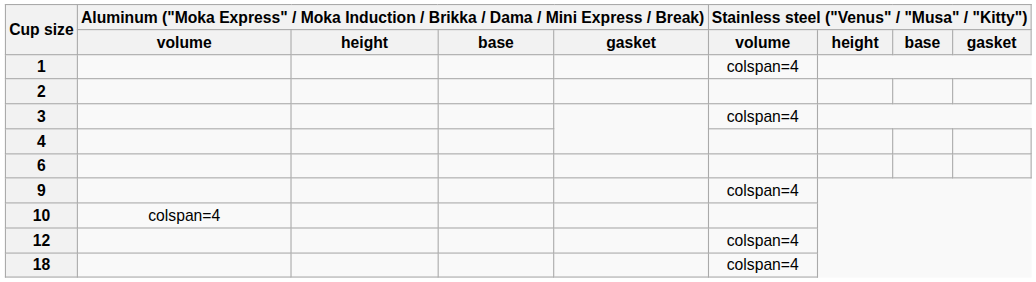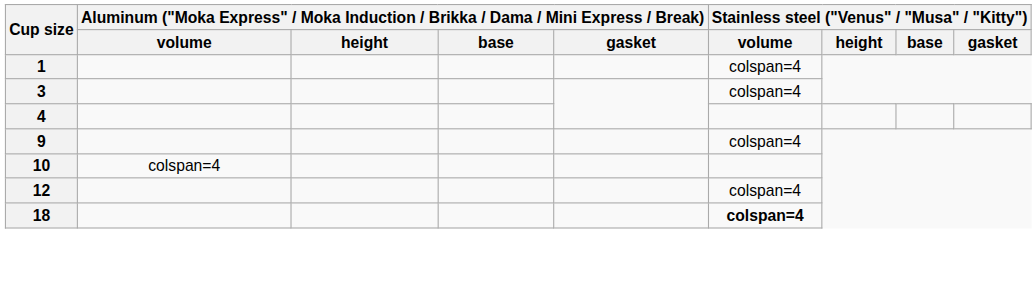 <table class="wikitable" style="margin-left: auto; margin-right: auto; border: none; text-align:center;font-size:90%;">
 <tr>
 <th rowspan=2>Cup size</th>
 <th colspan=4>Aluminum ("Moka Express" / Moka Induction / Brikka / Dama / Mini Express / Break)</th>
 <th colspan=4>Stainless steel ("Venus" / "Musa" / "Kitty")</th>
 </tr>
 <tr>
 <th>volume</th>
 <th>height</th>
 <th>base</th>
 <th>gasket</th>
 <th>volume</th>
 <th>height</th>
 <th>base</th>
 <th>gasket</th>
 </tr>
 <tr>
 <th>1</th>
 <td></td>
 <td></td>
 <td></td>
 <td></td>
 <td>colspan=4 </td>
 </tr>
 <tr>
-<th>2</th>
-<td></td>
-<td></td>
-<td></td>
-<td></td>
-<td></td>
-<td></td>
-<td></td>
-<td></td>
-</tr>
-<tr>
 <th>3</th>
 <td></td>
 <td></td>
 <td></td>
 <td rowspan=2></td>
 <td>colspan=4 </td>
 </tr>
 <tr>
 <th>4</th>
-<td></td>
-<td></td>
-<td></td>
-<td></td>
-<td></td>
-<td></td>
-<td></td>
-</tr>
-<tr>
-<th>6</th>
-<td></td>
 <td></td>
 <td></td>
 <td></td>
 <td></td>
 <td></td>
 <td></td>
 <td></td>
 </tr>
 <tr>
 <th>9</th>
 <td></td>
 <td></td>
 <td></td>
 <td></td>
 <td>colspan=4 </td>
 </tr>
 <tr>
 <th>10</th>
 <td>colspan=4 </td>
 <td></td>
 <td></td>
 <td></td>
 <td></td>
 </tr>
 <tr>
 <th>12</th>
 <td></td>
 <td></td>
 <td></td>
 <td></td>
 <td>colspan=4 </td>
 </tr>
 <tr>
 <th>18</th>
 <td></td>
 <td></td>
 <td></td>
 <td></td>
-<td>colspan=4 </td>
+<td><strong>colspan=4 </strong></td>
 </tr>
 </table>
